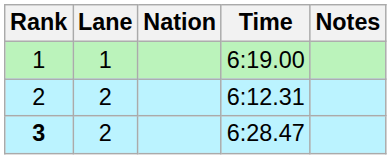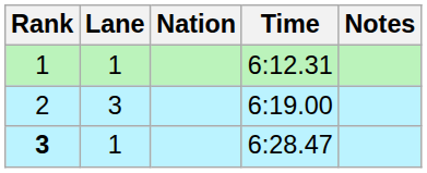 <table class="wikitable sortable" style="text-align:center">
 <tr>
 <th>Rank</th>
 <th>Lane</th>
 <th>Nation</th>
 <th>Time</th>
 <th>Notes</th>
 </tr>
 <tr bgcolor=bbf3bb>
 <td>1</td>
 <td>1</td>
 <td align=left></td>
+<td>6:12.31</td>
+<td align=center></td>
+</tr>
+<tr bgcolor=bbf3ff>
+<td>2</td>
+<td>3</td>
+<td align=left></td>
 <td>6:19.00</td>
 <td align=center></td>
 </tr>
 <tr bgcolor=bbf3ff>
-<td>2</td>
-<td>2</td>
-<td align=left></td>
-<td>6:12.31</td>
-<td align=center></td>
-</tr>
-<tr bgcolor=bbf3ff>
 <td><strong>3</strong></td>
-<td>2</td>
+<td>1</td>
 <td align=left></td>
 <td>6:28.47</td>
 <td align=center></td>
 </tr>
 </table>
